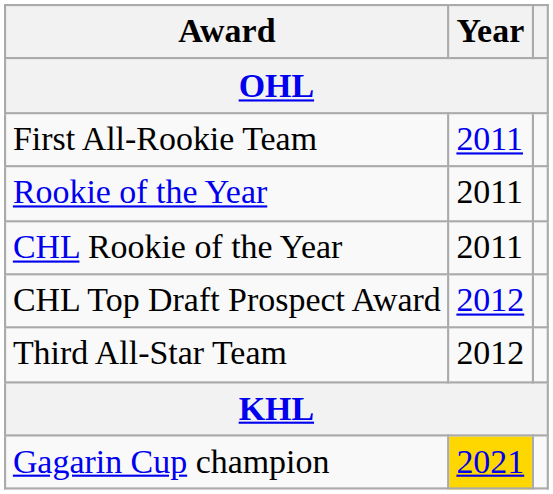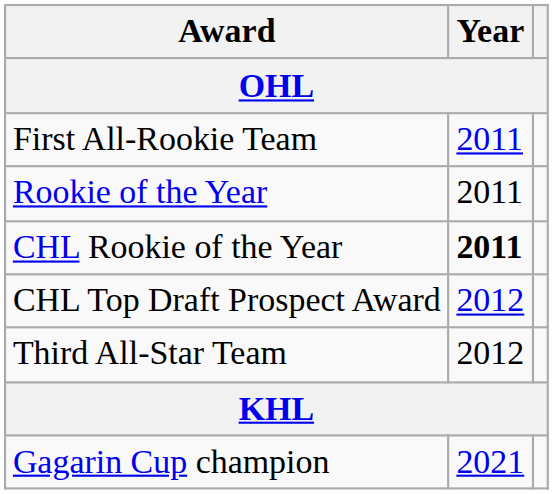 <table class="wikitable">
 <tr>
 <th>Award</th>
 <th>Year</th>
 <th></th>
 </tr>
 <tr>
 <th colspan="3"><a href='#'>OHL</a></th>
 </tr>
 <tr>
 <td>First All-Rookie Team</td>
 <td><a href='#'>2011</a></td>
 <td></td>
 </tr>
 <tr>
 <td><a href='#'>Rookie of the Year</a></td>
 <td>2011</td>
 <td></td>
 </tr>
 <tr>
 <td><a href='#'>CHL</a> Rookie of the Year</td>
-<td>2011</td>
+<td><strong>2011</strong></td>
 <td></td>
 </tr>
 <tr>
 <td>CHL Top Draft Prospect Award</td>
 <td><a href='#'>2012</a></td>
 <td></td>
 </tr>
 <tr>
 <td>Third All-Star Team</td>
 <td>2012</td>
 <td></td>
 </tr>
 <tr>
 <th colspan="3"><a href='#'>KHL</a></th>
 </tr>
 <tr>
 <td><a href='#'>Gagarin Cup</a> champion</td>
-<td style="background: gold;"><a href='#'>2021</a></td>
+<td><a href='#'>2021</a></td>
 <td></td>
 </tr>
 </table>
